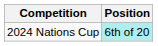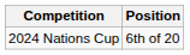 <table class="wikitable">
 <tr>
 <th>Competition</th>
 <th>Position</th>
 </tr>
 <tr>
 <td> 2024 Nations Cup</td>
-<td style="background: paleturquoise;">6th of 20</td>
+<td>6th of 20</td>
 </tr>
 </table>
